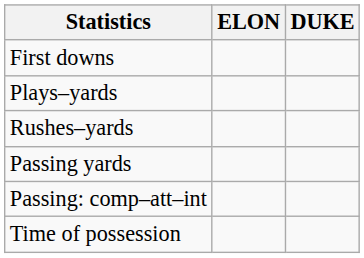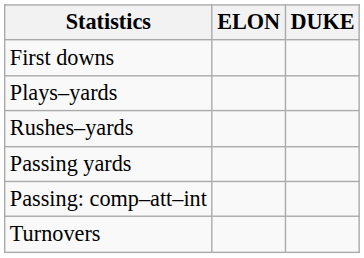 <table class="wikitable" style="float:left">
 <tr>
 <th>Statistics</th>
 <th>ELON</th>
 <th>DUKE</th>
 </tr>
 <tr>
 <td>First downs</td>
 <td></td>
 <td></td>
 </tr>
 <tr>
 <td>Plays–yards</td>
 <td></td>
 <td></td>
 </tr>
 <tr>
 <td>Rushes–yards</td>
 <td></td>
 <td></td>
 </tr>
 <tr>
 <td>Passing yards</td>
 <td></td>
 <td></td>
 </tr>
 <tr>
 <td>Passing: comp–att–int</td>
 <td></td>
 <td></td>
 </tr>
 <tr>
-<td>Time of possession</td>
+<td>Turnovers</td>
 <td></td>
 <td></td>
 </tr>
 </table>
